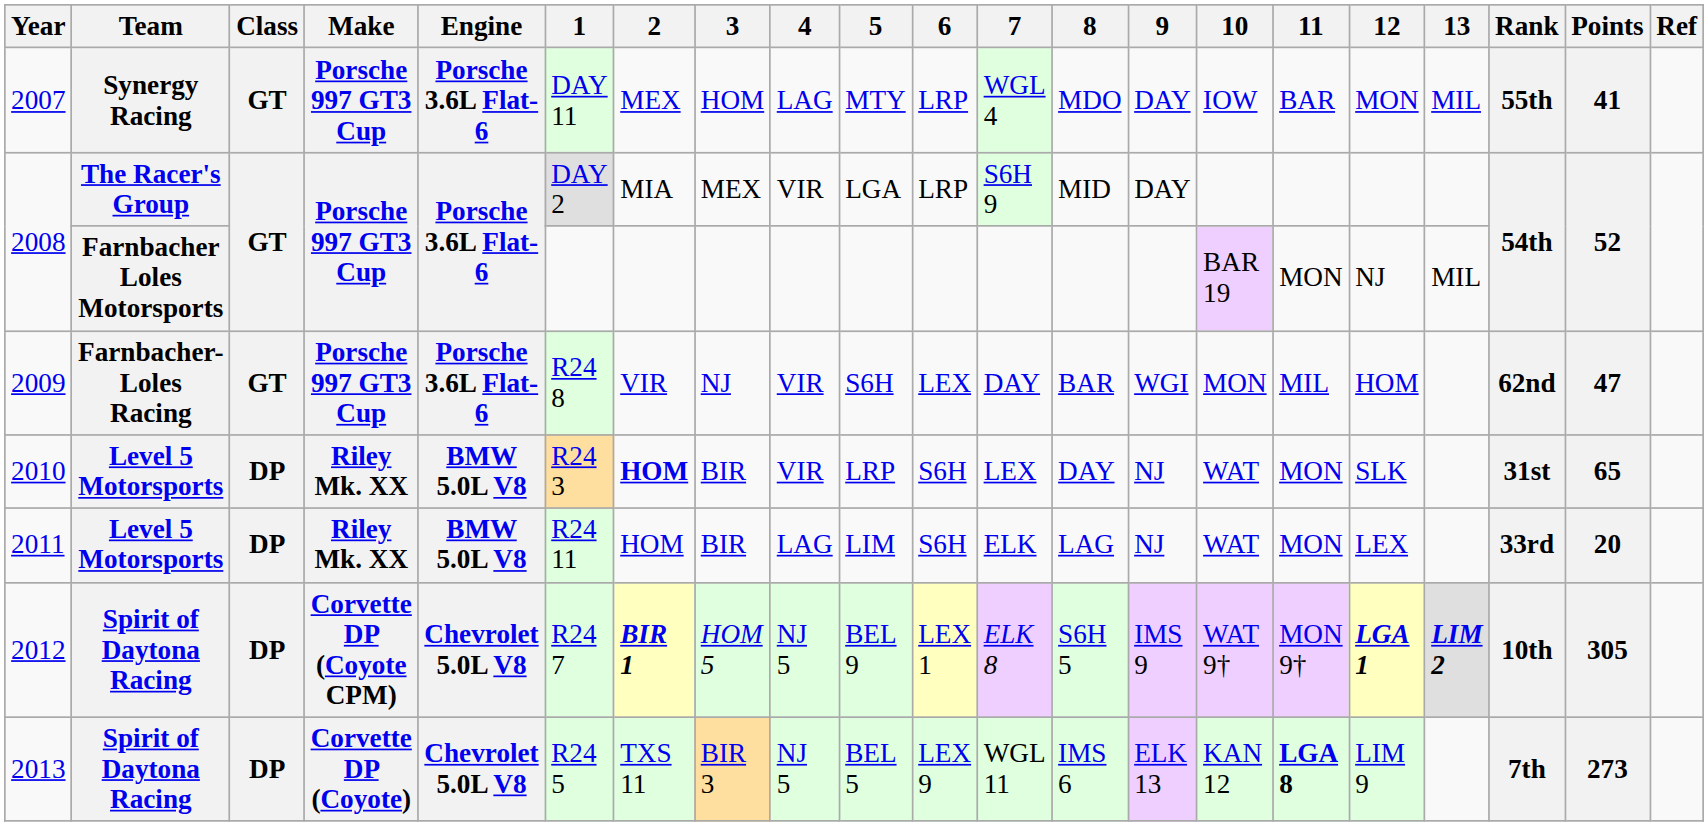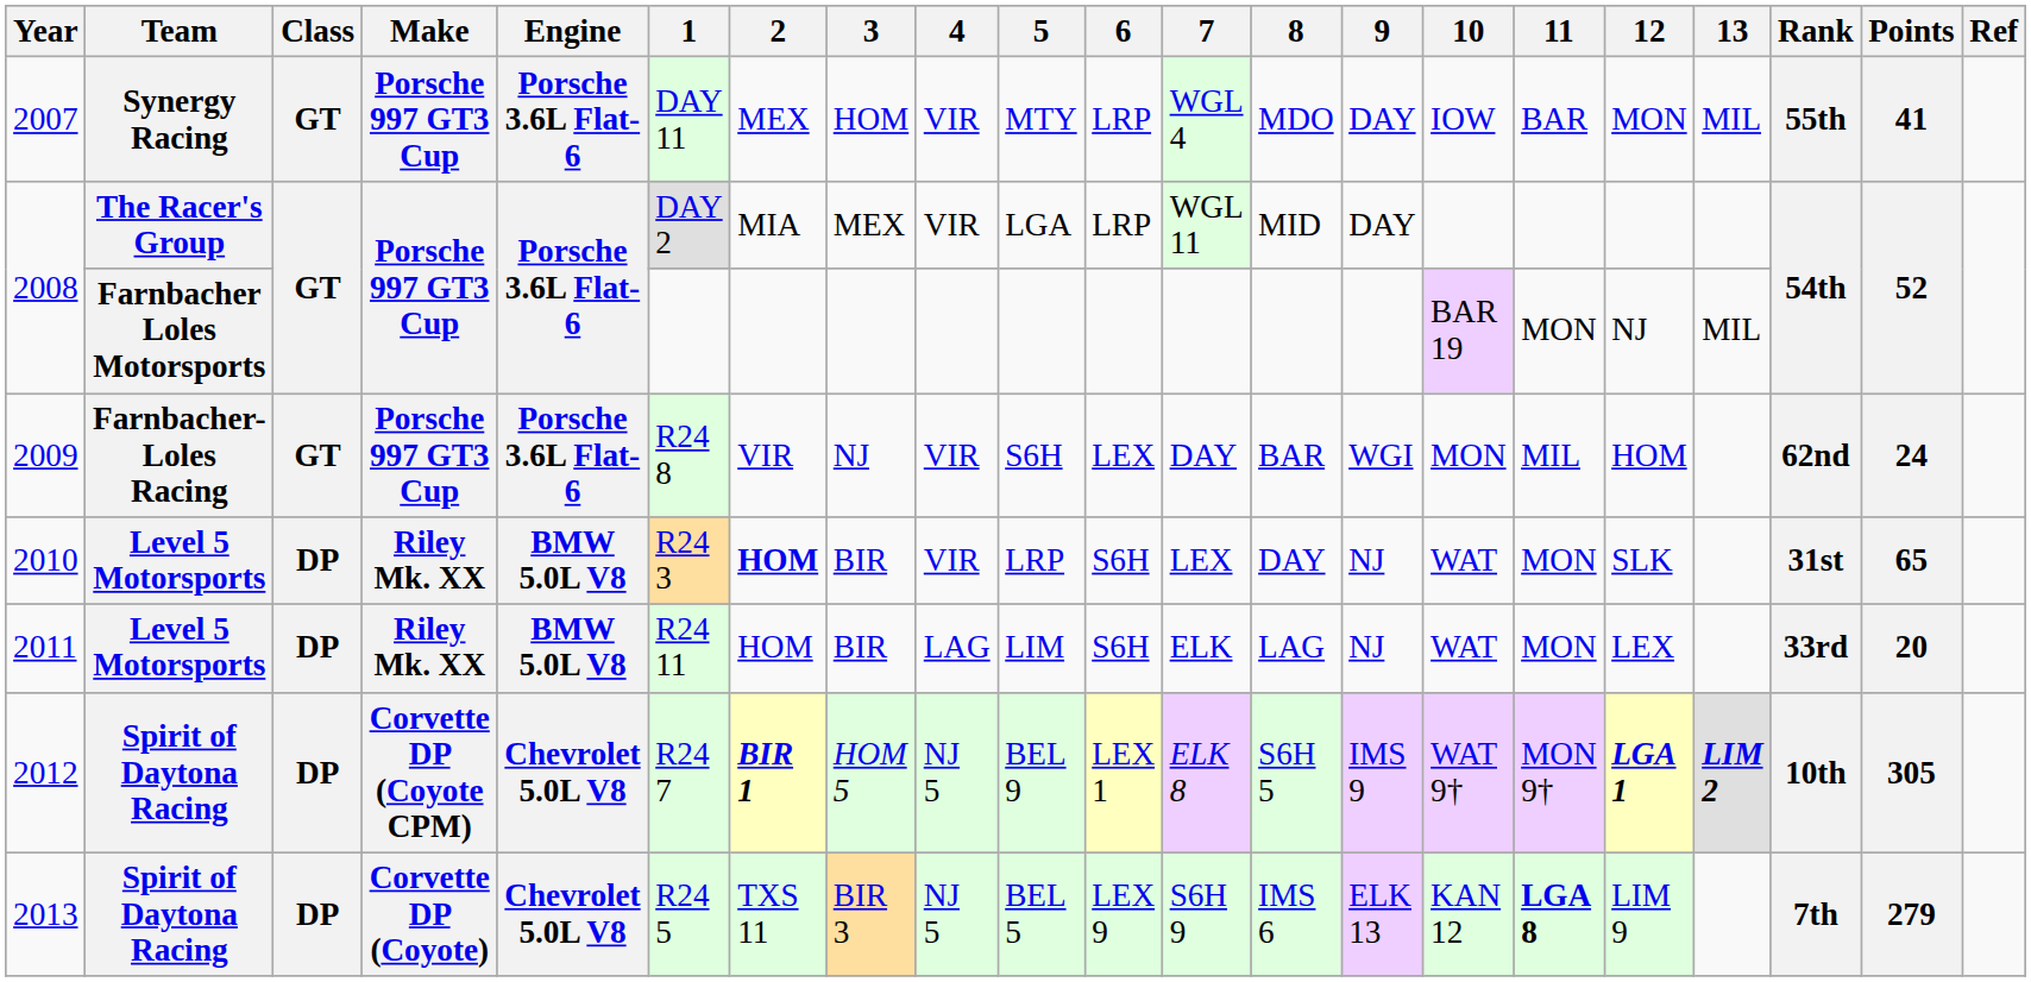 <table class="wikitable">
 <tr>
 <th>Year</th>
 <th>Team</th>
 <th>Class</th>
 <th>Make</th>
 <th>Engine</th>
 <th>1</th>
 <th>2</th>
 <th>3</th>
 <th>4</th>
 <th>5</th>
 <th>6</th>
 <th>7</th>
 <th>8</th>
 <th>9</th>
 <th>10</th>
 <th>11</th>
 <th>12</th>
 <th>13</th>
 <th>Rank</th>
 <th>Points</th>
 <th>Ref</th>
 </tr>
 <tr>
 <td><a href='#'>2007</a></td>
 <th>Synergy Racing</th>
 <th>GT</th>
 <th><a href='#'>Porsche 997 GT3 Cup</a></th>
 <th><a href='#'>Porsche</a> 3.6L <a href='#'>Flat-6</a></th>
 <td style="background:#DFFFDF;"><a href='#'>DAY</a><br>11</td>
 <td><a href='#'>MEX</a><br></td>
 <td><a href='#'>HOM</a><br></td>
-<td><a href='#'>LAG</a><br></td>
+<td><a href='#'>VIR</a><br></td>
 <td><a href='#'>MTY</a><br></td>
 <td><a href='#'>LRP</a><br></td>
 <td style="background:#DFFFDF;"><a href='#'>WGL</a><br>4</td>
 <td><a href='#'>MDO</a><br></td>
 <td><a href='#'>DAY</a><br></td>
 <td><a href='#'>IOW</a><br></td>
 <td><a href='#'>BAR</a><br></td>
 <td><a href='#'>MON</a><br></td>
 <td><a href='#'>MIL</a><br></td>
 <th>55th</th>
 <th>41</th>
 <td></td>
 </tr>
 <tr>
 <td rowspan="2"><a href='#'>2008</a></td>
 <th><a href='#'>The Racer's Group</a></th>
 <th rowspan="2">GT</th>
 <th rowspan="2"><a href='#'>Porsche 997 GT3 Cup</a></th>
 <th rowspan="2"><a href='#'>Porsche</a> 3.6L <a href='#'>Flat-6</a></th>
 <td style="background:#DFDFDF;”"><a href='#'>DAY</a><br>2</td>
 <td>MIA<br></td>
 <td>MEX<br></td>
 <td>VIR<br></td>
 <td>LGA<br></td>
 <td>LRP<br></td>
-<td style="background:#DFFFDF;"><a href='#'>S6H</a><br>9</td>
+<td style="background:#DFFFDF;">WGL<br>11</td>
 <td>MID<br></td>
 <td>DAY<br></td>
 <td></td>
 <td></td>
 <td></td>
 <td></td>
 <th rowspan="2">54th</th>
 <th rowspan="2">52</th>
 <td rowspan="2"></td>
 </tr>
 <tr>
 <th>Farnbacher Loles<br>Motorsports</th>
 <td></td>
 <td></td>
 <td></td>
 <td></td>
 <td></td>
 <td></td>
 <td></td>
 <td></td>
 <td></td>
 <td style="background:#EFCFFF;">BAR<br>19</td>
 <td>MON<br></td>
 <td>NJ<br></td>
 <td>MIL<br></td>
 </tr>
 <tr>
 <td><a href='#'>2009</a></td>
 <th>Farnbacher-Loles Racing</th>
 <th>GT</th>
 <th><a href='#'>Porsche 997 GT3 Cup</a></th>
 <th><a href='#'>Porsche</a> 3.6L <a href='#'>Flat-6</a></th>
 <td style="background:#DFFFDF;"><a href='#'>R24</a><br>8</td>
 <td><a href='#'>VIR</a><br></td>
 <td><a href='#'>NJ</a><br></td>
 <td><a href='#'>VIR</a><br></td>
 <td><a href='#'>S6H</a><br></td>
 <td><a href='#'>LEX</a><br></td>
 <td><a href='#'>DAY</a><br></td>
 <td><a href='#'>BAR</a><br></td>
 <td><a href='#'>WGI</a><br></td>
 <td><a href='#'>MON</a><br></td>
 <td><a href='#'>MIL</a><br></td>
 <td><a href='#'>HOM</a><br></td>
 <td></td>
 <th>62nd</th>
-<th>47</th>
+<th>24</th>
 <td></td>
 </tr>
 <tr>
 <td><a href='#'>2010</a></td>
 <th><a href='#'>Level 5 Motorsports</a></th>
 <th>DP</th>
 <th><a href='#'>Riley</a> Mk. XX</th>
 <th><a href='#'>BMW</a> 5.0L <a href='#'>V8</a></th>
 <td style="background:#FFDF9F;”"><a href='#'>R24</a><br>3</td>
 <td><strong><a href='#'>HOM</a><br></strong></td>
 <td><a href='#'>BIR</a><br></td>
 <td><a href='#'>VIR</a><br></td>
 <td><a href='#'>LRP</a><br></td>
 <td><a href='#'>S6H</a><br></td>
 <td><a href='#'>LEX</a><br></td>
 <td><a href='#'>DAY</a><br></td>
 <td><a href='#'>NJ</a><br></td>
 <td><a href='#'>WAT</a><br></td>
 <td><a href='#'>MON</a><br></td>
 <td><a href='#'>SLK</a><br></td>
 <td></td>
 <th>31st</th>
 <th>65</th>
 <td></td>
 </tr>
 <tr>
 <td><a href='#'>2011</a></td>
 <th><a href='#'>Level 5 Motorsports</a></th>
 <th>DP</th>
 <th><a href='#'>Riley</a> Mk. XX</th>
 <th><a href='#'>BMW</a> 5.0L <a href='#'>V8</a></th>
 <td style="background:#DFFFDF;"><a href='#'>R24</a><br>11</td>
 <td><a href='#'>HOM</a><br></td>
 <td><a href='#'>BIR</a><br></td>
 <td><a href='#'>LAG</a><br></td>
 <td><a href='#'>LIM</a><br></td>
 <td><a href='#'>S6H</a><br></td>
 <td><a href='#'>ELK</a><br></td>
 <td><a href='#'>LAG</a><br></td>
 <td><a href='#'>NJ</a><br></td>
 <td><a href='#'>WAT</a><br></td>
 <td><a href='#'>MON</a><br></td>
 <td><a href='#'>LEX</a><br></td>
 <td></td>
 <th>33rd</th>
 <th>20</th>
 <td></td>
 </tr>
 <tr>
 <td><a href='#'>2012</a></td>
 <th><a href='#'>Spirit of Daytona Racing</a></th>
 <th>DP</th>
 <th><a href='#'>Corvette DP</a> (<a href='#'>Coyote</a> CPM)</th>
 <th><a href='#'>Chevrolet</a> 5.0L <a href='#'>V8</a></th>
 <td style="background:#DFFFDF;"><a href='#'>R24</a><br>7</td>
 <td style="background:#FFFFBF;”"><strong><em><a href='#'>BIR</a><br>1</em></strong></td>
 <td style="background:#DFFFDF;"><em><a href='#'>HOM</a><br>5</em></td>
 <td style="background:#DFFFDF;"><a href='#'>NJ</a><br>5</td>
 <td style="background:#DFFFDF;"><a href='#'>BEL</a><br>9</td>
 <td style="background:#FFFFBF;”"><a href='#'>LEX</a><br>1</td>
 <td style="background:#EFCFFF;"><em><a href='#'>ELK</a><br>8</em></td>
 <td style="background:#DFFFDF;"><a href='#'>S6H</a><br>5</td>
 <td style="background:#EFCFFF;"><a href='#'>IMS</a><br>9</td>
 <td style="background:#EFCFFF;"><a href='#'>WAT</a><br>9†</td>
 <td style="background:#EFCFFF;"><a href='#'>MON</a><br>9†</td>
 <td style="background:#FFFFBF;”"><strong><em><a href='#'>LGA</a><br>1</em></strong></td>
 <td style="background:#DFDFDF;”"><strong><em><a href='#'>LIM</a><br>2</em></strong></td>
 <th>10th</th>
 <th>305</th>
 <td></td>
 </tr>
 <tr>
 <td><a href='#'>2013</a></td>
 <th><a href='#'>Spirit of Daytona Racing</a></th>
 <th>DP</th>
 <th><a href='#'>Corvette DP</a> (<a href='#'>Coyote</a>)</th>
 <th><a href='#'>Chevrolet</a> 5.0L <a href='#'>V8</a></th>
 <td style="background:#DFFFDF;"><a href='#'>R24</a><br>5</td>
 <td style="background:#DFFFDF;"><a href='#'>TXS</a><br>11</td>
 <td style="background:#FFDF9F;”"><a href='#'>BIR</a><br>3</td>
 <td style="background:#DFFFDF;"><a href='#'>NJ</a><br>5</td>
 <td style="background:#DFFFDF;"><a href='#'>BEL</a><br>5</td>
 <td style="background:#DFFFDF;"><a href='#'>LEX</a><br>9</td>
-<td style="background:#DFFFDF;">WGL<br>11</td>
+<td style="background:#DFFFDF;"><a href='#'>S6H</a><br>9</td>
 <td style="background:#DFFFDF;"><a href='#'>IMS</a><br>6</td>
 <td style="background:#EFCFFF;"><a href='#'>ELK</a><br>13</td>
 <td style="background:#DFFFDF;"><a href='#'>KAN</a><br>12</td>
 <td style="background:#DFFFDF;"><strong><a href='#'>LGA</a><br>8</strong></td>
 <td style="background:#DFFFDF;"><a href='#'>LIM</a><br>9</td>
 <td></td>
 <th>7th</th>
-<th>273</th>
+<th>279</th>
 <td></td>
 </tr>
 </table>
